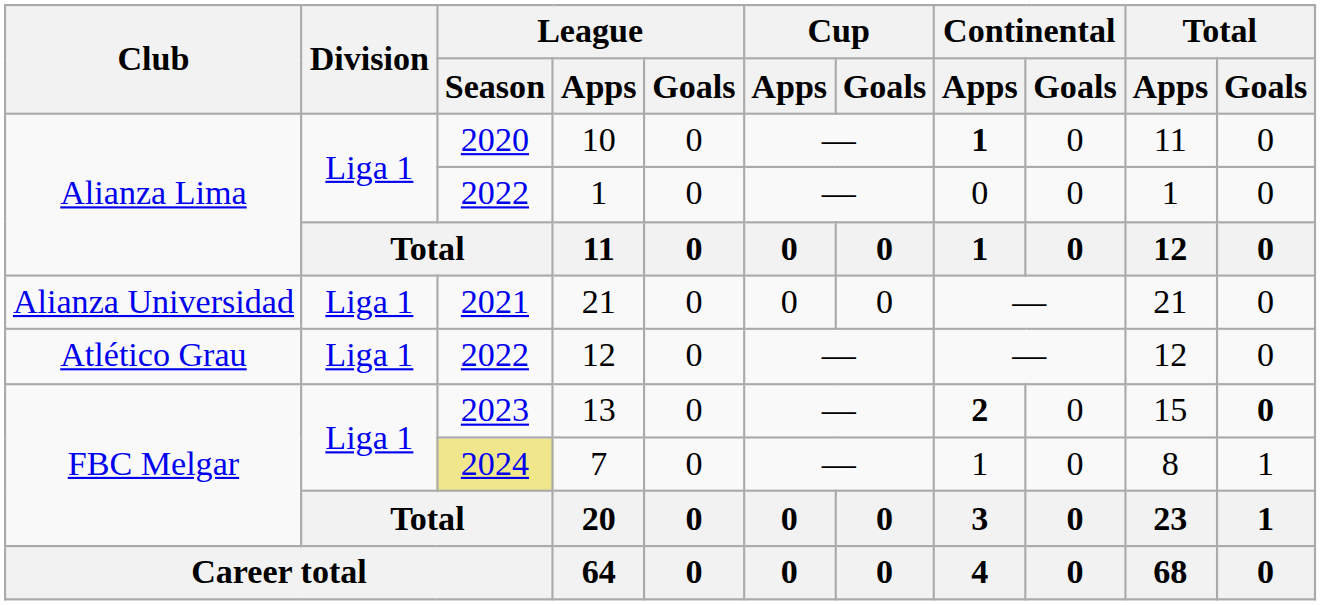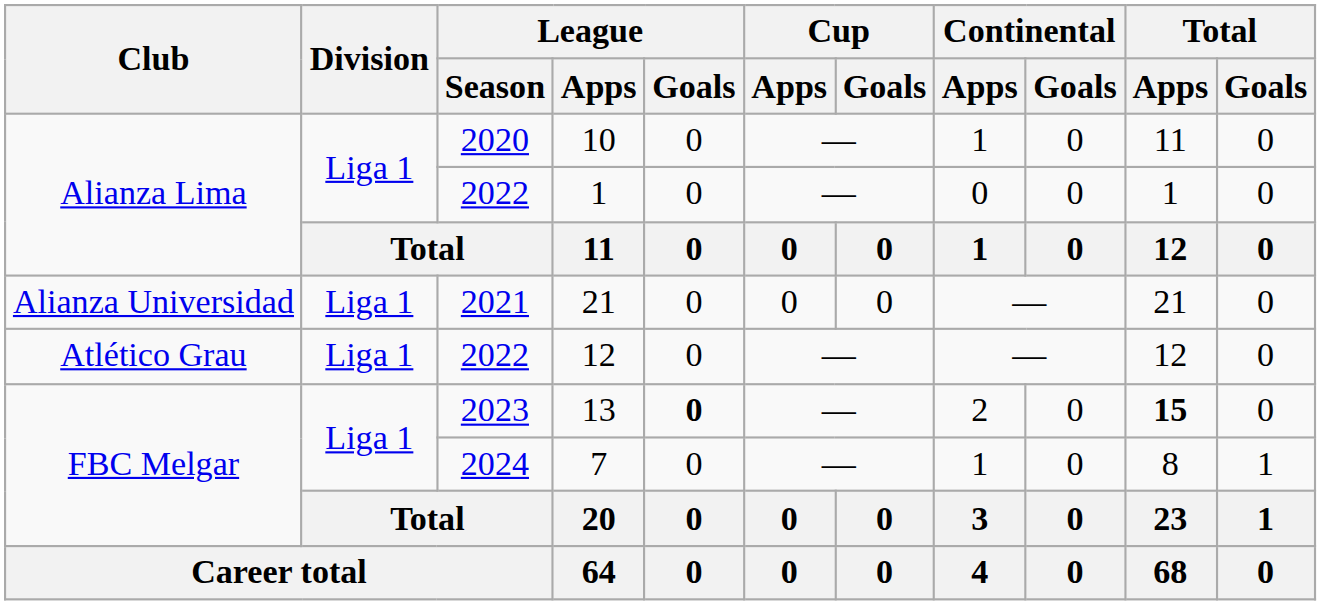 <table class="wikitable" style="text-align: center">
 <tr>
 <th rowspan="2">Club</th>
 <th rowspan="2">Division</th>
 <th colspan="3">League</th>
 <th colspan="2">Cup</th>
 <th colspan="2">Continental</th>
 <th colspan="2">Total</th>
 </tr>
 <tr>
 <th>Season</th>
 <th>Apps</th>
 <th>Goals</th>
 <th>Apps</th>
 <th>Goals</th>
 <th>Apps</th>
 <th>Goals</th>
 <th>Apps</th>
 <th>Goals</th>
 </tr>
 <tr>
 <td rowspan="3"><a href='#'>Alianza Lima</a></td>
 <td rowspan="2"><a href='#'>Liga 1</a></td>
 <td><a href='#'>2020</a></td>
 <td>10</td>
 <td>0</td>
 <td colspan="2">—</td>
-<td><strong>1</strong></td>
+<td>1</td>
 <td>0</td>
 <td>11</td>
 <td>0</td>
 </tr>
 <tr>
 <td><a href='#'>2022</a></td>
 <td>1</td>
 <td>0</td>
 <td colspan="2">—</td>
 <td>0</td>
 <td>0</td>
 <td>1</td>
 <td>0</td>
 </tr>
 <tr>
 <th colspan="2">Total</th>
 <th>11</th>
 <th>0</th>
 <th>0</th>
 <th>0</th>
 <th>1</th>
 <th>0</th>
 <th>12</th>
 <th>0</th>
 </tr>
 <tr>
 <td><a href='#'>Alianza Universidad</a></td>
 <td><a href='#'>Liga 1</a></td>
 <td><a href='#'>2021</a></td>
 <td>21</td>
 <td>0</td>
 <td>0</td>
 <td>0</td>
 <td colspan="2">—</td>
 <td>21</td>
 <td>0</td>
 </tr>
 <tr>
 <td><a href='#'>Atlético Grau</a></td>
 <td><a href='#'>Liga 1</a></td>
 <td><a href='#'>2022</a></td>
 <td>12</td>
 <td>0</td>
 <td colspan="2">—</td>
 <td colspan="2">—</td>
 <td>12</td>
 <td>0</td>
 </tr>
 <tr>
 <td rowspan="3"><a href='#'>FBC Melgar</a></td>
 <td rowspan="2"><a href='#'>Liga 1</a></td>
 <td><a href='#'>2023</a></td>
 <td>13</td>
+<td><strong>0</strong></td>
+<td colspan="2">—</td>
+<td>2</td>
 <td>0</td>
-<td colspan="2">—</td>
-<td><strong>2</strong></td>
+<td><strong>15</strong></td>
 <td>0</td>
-<td>15</td>
-<td><strong>0</strong></td>
 </tr>
 <tr>
-<td style="background: khaki;"><a href='#'>2024</a></td>
+<td><a href='#'>2024</a></td>
 <td>7</td>
 <td>0</td>
 <td colspan="2">—</td>
 <td>1</td>
 <td>0</td>
 <td>8</td>
 <td>1</td>
 </tr>
 <tr>
 <th colspan="2">Total</th>
 <th>20</th>
 <th>0</th>
 <th>0</th>
 <th>0</th>
 <th>3</th>
 <th>0</th>
 <th>23</th>
 <th>1</th>
 </tr>
 <tr>
 <th colspan="3" valign="center">Career total</th>
 <th>64</th>
 <th>0</th>
 <th>0</th>
 <th>0</th>
 <th>4</th>
 <th>0</th>
 <th>68</th>
 <th>0</th>
 </tr>
 </table>
